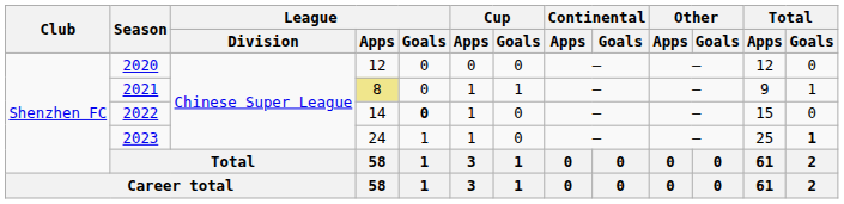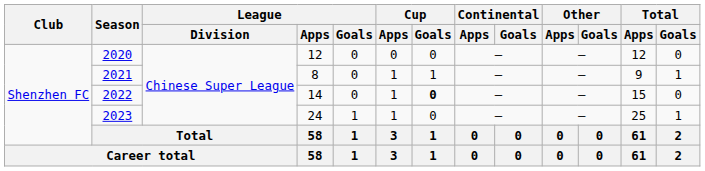 <table class="wikitable" style="text-align: center">
 <tr>
 <th rowspan="2">Club</th>
 <th rowspan="2">Season</th>
 <th colspan="3">League</th>
 <th colspan="2">Cup</th>
 <th colspan="2">Continental</th>
 <th colspan="2">Other</th>
 <th colspan="2">Total</th>
 </tr>
 <tr>
 <th>Division</th>
 <th>Apps</th>
 <th>Goals</th>
 <th>Apps</th>
 <th>Goals</th>
 <th>Apps</th>
 <th>Goals</th>
 <th>Apps</th>
 <th>Goals</th>
 <th>Apps</th>
 <th>Goals</th>
 </tr>
 <tr>
 <td rowspan=5><a href='#'>Shenzhen FC</a></td>
 <td><a href='#'>2020</a></td>
 <td rowspan=4><a href='#'>Chinese Super League</a></td>
 <td>12</td>
 <td>0</td>
 <td>0</td>
 <td>0</td>
 <td colspan="2">–</td>
 <td colspan="2">–</td>
 <td>12</td>
 <td>0</td>
 </tr>
 <tr>
 <td><a href='#'>2021</a></td>
-<td style="background: khaki;">8</td>
+<td>8</td>
 <td>0</td>
 <td>1</td>
 <td>1</td>
 <td colspan="2">–</td>
 <td colspan="2">–</td>
 <td>9</td>
 <td>1</td>
 </tr>
 <tr>
 <td><a href='#'>2022</a></td>
 <td>14</td>
+<td>0</td>
+<td>1</td>
 <td><strong>0</strong></td>
-<td>1</td>
-<td>0</td>
 <td colspan="2">–</td>
 <td colspan="2">–</td>
 <td>15</td>
 <td>0</td>
 </tr>
 <tr>
 <td><a href='#'>2023</a></td>
 <td>24</td>
 <td>1</td>
 <td>1</td>
 <td>0</td>
 <td colspan="2">–</td>
 <td colspan="2">–</td>
 <td>25</td>
-<td><strong>1</strong></td>
+<td>1</td>
 </tr>
 <tr>
 <th colspan=2>Total</th>
 <th>58</th>
 <th>1</th>
 <th>3</th>
 <th>1</th>
 <th>0</th>
 <th>0</th>
 <th>0</th>
 <th>0</th>
 <th>61</th>
 <th>2</th>
 </tr>
 <tr>
 <th colspan=3>Career total</th>
 <th>58</th>
 <th>1</th>
 <th>3</th>
 <th>1</th>
 <th>0</th>
 <th>0</th>
 <th>0</th>
 <th>0</th>
 <th>61</th>
 <th>2</th>
 </tr>
 </table>
